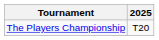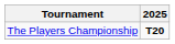 <table class="wikitable" style="font-size:95%;text-align:center;">
 <tr>
 <th>Tournament</th>
 <th>2025</th>
 </tr>
 <tr>
 <td align=left><a href='#'>The Players Championship</a></td>
-<td>T20</td>
+<td><strong>T20</strong></td>
 </tr>
 </table>
